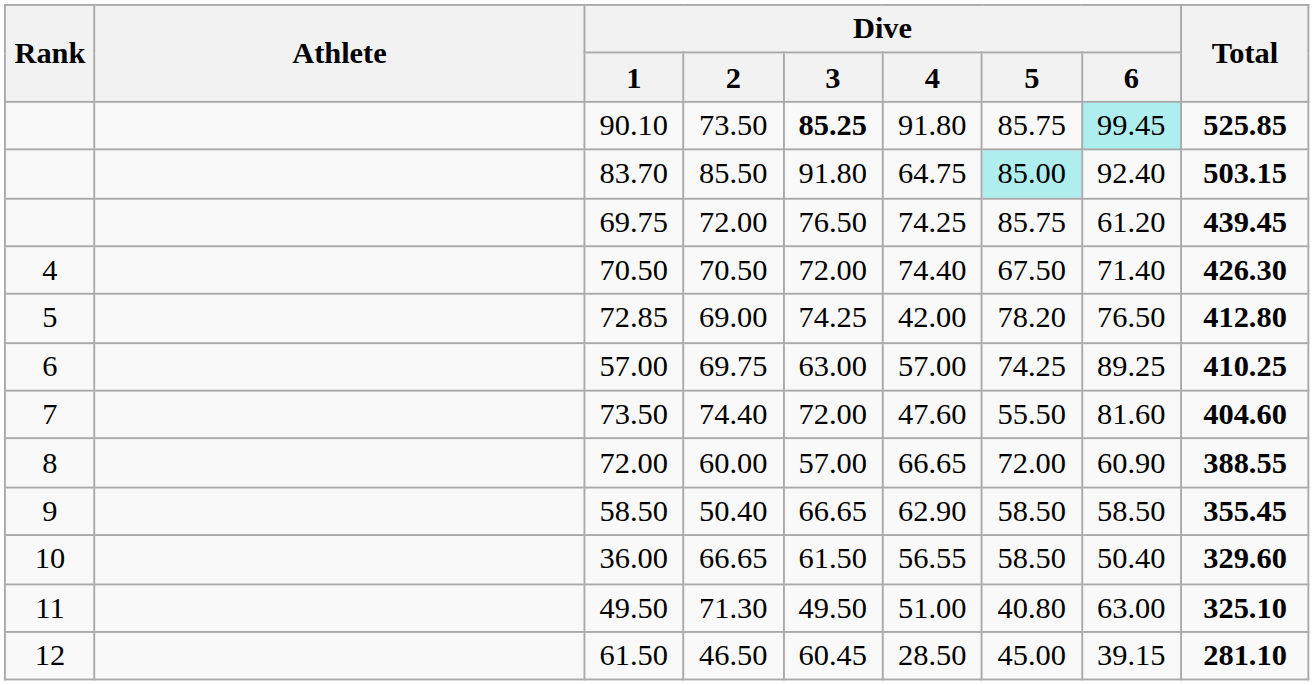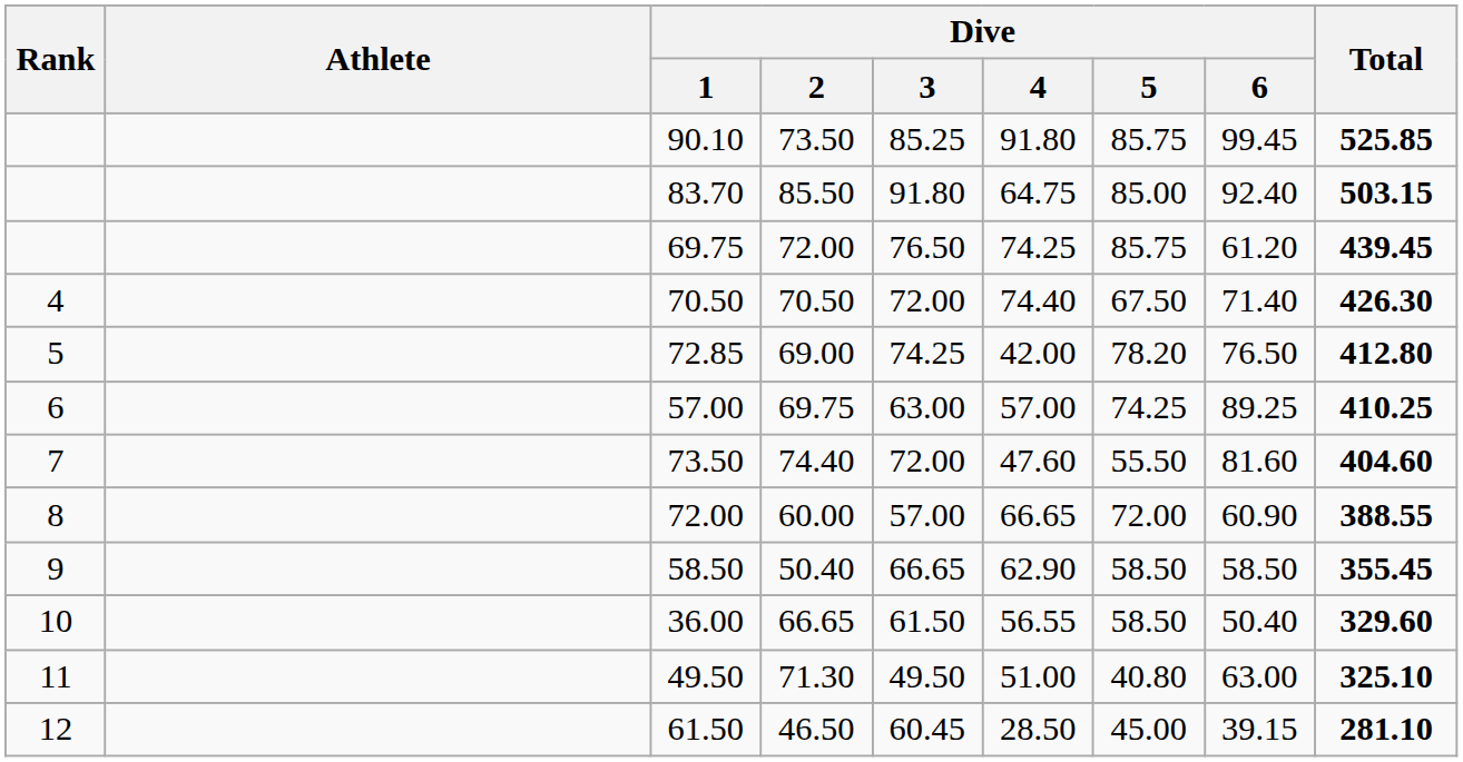 <table class=wikitable style="text-align:center">
 <tr>
 <th rowspan="2" width=40>Rank</th>
 <th rowspan="2" width=250>Athlete</th>
 <th colspan="6">Dive</th>
 <th rowspan="2" width=60>Total</th>
 </tr>
 <tr>
 <th width=45>1</th>
 <th width=45>2</th>
 <th width=45>3</th>
 <th width=45>4</th>
 <th width=45>5</th>
 <th width=45>6</th>
 </tr>
 <tr>
 <td></td>
 <td align=left></td>
 <td>90.10</td>
 <td>73.50</td>
-<td><strong>85.25</strong></td>
+<td>85.25</td>
 <td>91.80</td>
 <td>85.75</td>
-<td style="background: paleturquoise;">99.45</td>
+<td>99.45</td>
 <td><strong>525.85</strong></td>
 </tr>
 <tr>
 <td></td>
 <td align=left></td>
 <td>83.70</td>
 <td>85.50</td>
 <td>91.80</td>
 <td>64.75</td>
-<td style="background: paleturquoise;">85.00</td>
+<td>85.00</td>
 <td>92.40</td>
 <td><strong>503.15</strong></td>
 </tr>
 <tr>
 <td></td>
 <td align=left></td>
 <td>69.75</td>
 <td>72.00</td>
 <td>76.50</td>
 <td>74.25</td>
 <td>85.75</td>
 <td>61.20</td>
 <td><strong>439.45</strong></td>
 </tr>
 <tr>
 <td>4</td>
 <td align=left></td>
 <td>70.50</td>
 <td>70.50</td>
 <td>72.00</td>
 <td>74.40</td>
 <td>67.50</td>
 <td>71.40</td>
 <td><strong>426.30</strong></td>
 </tr>
 <tr>
 <td>5</td>
 <td align=left></td>
 <td>72.85</td>
 <td>69.00</td>
 <td>74.25</td>
 <td>42.00</td>
 <td>78.20</td>
 <td>76.50</td>
 <td><strong>412.80</strong></td>
 </tr>
 <tr>
 <td>6</td>
 <td align=left></td>
 <td>57.00</td>
 <td>69.75</td>
 <td>63.00</td>
 <td>57.00</td>
 <td>74.25</td>
 <td>89.25</td>
 <td><strong>410.25</strong></td>
 </tr>
 <tr>
 <td>7</td>
 <td align=left></td>
 <td>73.50</td>
 <td>74.40</td>
 <td>72.00</td>
 <td>47.60</td>
 <td>55.50</td>
 <td>81.60</td>
 <td><strong>404.60</strong></td>
 </tr>
 <tr>
 <td>8</td>
 <td align=left></td>
 <td>72.00</td>
 <td>60.00</td>
 <td>57.00</td>
 <td>66.65</td>
 <td>72.00</td>
 <td>60.90</td>
 <td><strong>388.55</strong></td>
 </tr>
 <tr>
 <td>9</td>
 <td align=left></td>
 <td>58.50</td>
 <td>50.40</td>
 <td>66.65</td>
 <td>62.90</td>
 <td>58.50</td>
 <td>58.50</td>
 <td><strong>355.45</strong></td>
 </tr>
 <tr>
 <td>10</td>
 <td align=left></td>
 <td>36.00</td>
 <td>66.65</td>
 <td>61.50</td>
 <td>56.55</td>
 <td>58.50</td>
 <td>50.40</td>
 <td><strong>329.60</strong></td>
 </tr>
 <tr>
 <td>11</td>
 <td align=left></td>
 <td>49.50</td>
 <td>71.30</td>
 <td>49.50</td>
 <td>51.00</td>
 <td>40.80</td>
 <td>63.00</td>
 <td><strong>325.10</strong></td>
 </tr>
 <tr>
 <td>12</td>
 <td align=left></td>
 <td>61.50</td>
 <td>46.50</td>
 <td>60.45</td>
 <td>28.50</td>
 <td>45.00</td>
 <td>39.15</td>
 <td><strong>281.10</strong></td>
 </tr>
 </table>
